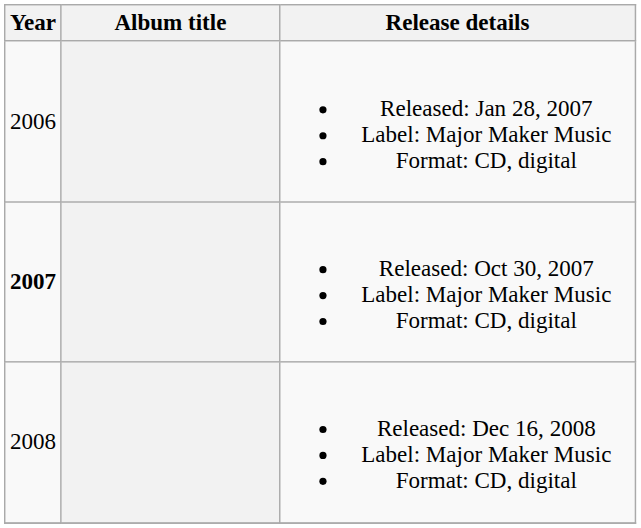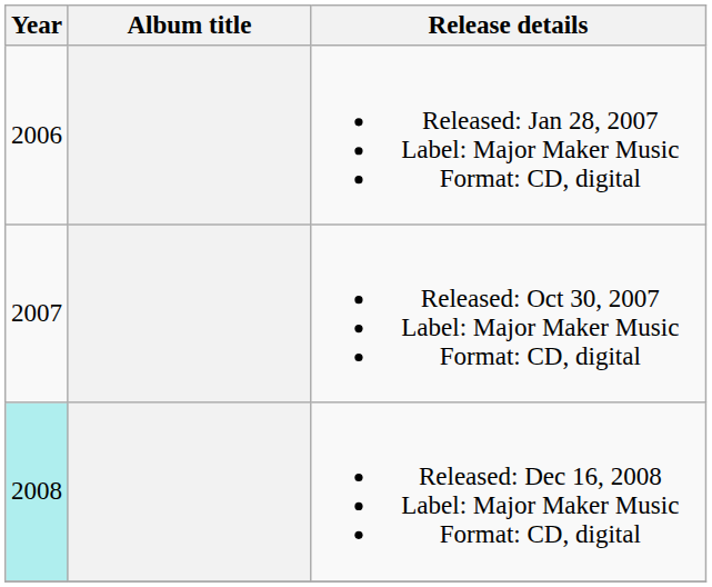 <table class="wikitable plainrowheaders" style="text-align:center;">
 <tr>
 <th>Year</th>
 <th scope="col" rowspan="1" style="width:9em;">Album title</th>
 <th scope="col" rowspan="1" style="width:15em;">Release details</th>
 </tr>
 <tr>
 <td>2006</td>
 <th></th>
 <td><br><ul><li>Released: Jan 28, 2007</li><li>Label: Major Maker Music</li><li>Format: CD, digital</li></ul></td>
 </tr>
 <tr>
-<td><strong>2007</strong></td>
+<td>2007</td>
 <th></th>
 <td><br><ul><li>Released: Oct 30, 2007</li><li>Label: Major Maker Music</li><li>Format: CD, digital</li></ul></td>
 </tr>
 <tr>
-<td>2008</td>
+<td style="background: paleturquoise;">2008</td>
 <th></th>
 <td><br><ul><li>Released: Dec 16, 2008</li><li>Label: Major Maker Music</li><li>Format: CD, digital</li></ul></td>
 </tr>
 <tr>
 </tr>
 </table>
